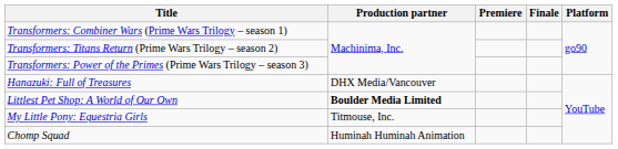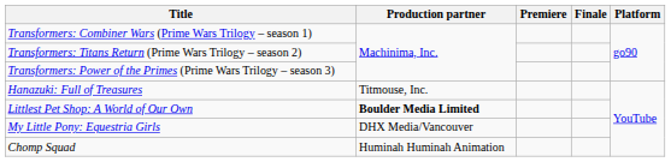 <table class="wikitable" style="text-align:left" width=100%>
 <tr>
 <th>Title</th>
 <th>Production partner</th>
 <th>Premiere</th>
 <th>Finale</th>
 <th>Platform</th>
 </tr>
 <tr>
 <td><em><a href='#'>Transformers: Combiner Wars</a></em> (<a href='#'>Prime Wars Trilogy</a> – season 1)</td>
 <td rowspan="3"><a href='#'>Machinima, Inc.</a></td>
 <td></td>
 <td></td>
 <td rowspan="3"><a href='#'>go90</a></td>
 </tr>
 <tr>
 <td><em><a href='#'>Transformers: Titans Return</a></em> (Prime Wars Trilogy – season 2)</td>
 <td></td>
 <td></td>
 </tr>
 <tr>
 <td><em><a href='#'>Transformers: Power of the Primes</a></em> (Prime Wars Trilogy – season 3)</td>
 <td></td>
 <td></td>
 </tr>
 <tr>
 <td><em><a href='#'>Hanazuki: Full of Treasures</a></em></td>
-<td>DHX Media/Vancouver</td>
+<td>Titmouse, Inc.</td>
 <td></td>
 <td></td>
 <td rowspan="4"><a href='#'>YouTube</a></td>
 </tr>
 <tr>
 <td><em><a href='#'>Littlest Pet Shop: A World of Our Own</a></em></td>
 <td><strong>Boulder Media Limited</strong></td>
 <td></td>
 <td></td>
 </tr>
 <tr>
 <td><em><a href='#'>My Little Pony: Equestria Girls</a></em></td>
-<td>Titmouse, Inc.</td>
+<td>DHX Media/Vancouver</td>
 <td></td>
 <td></td>
 </tr>
 <tr>
 <td><em>Chomp Squad</em></td>
 <td>Huminah Huminah Animation</td>
 <td></td>
 <td></td>
 </tr>
 </table>
